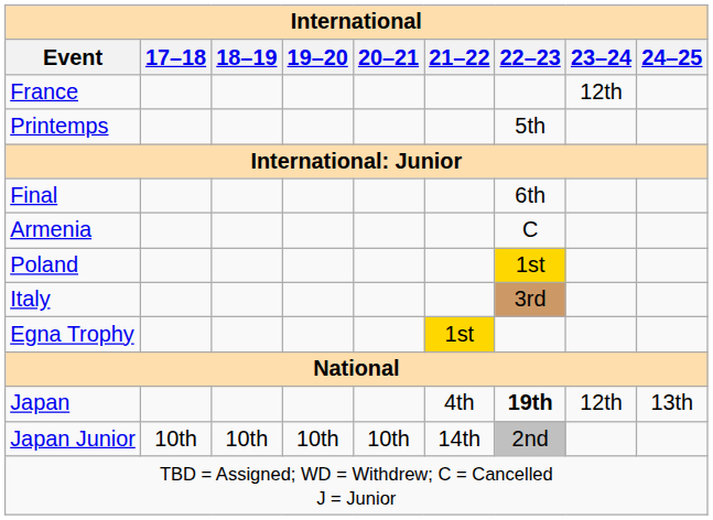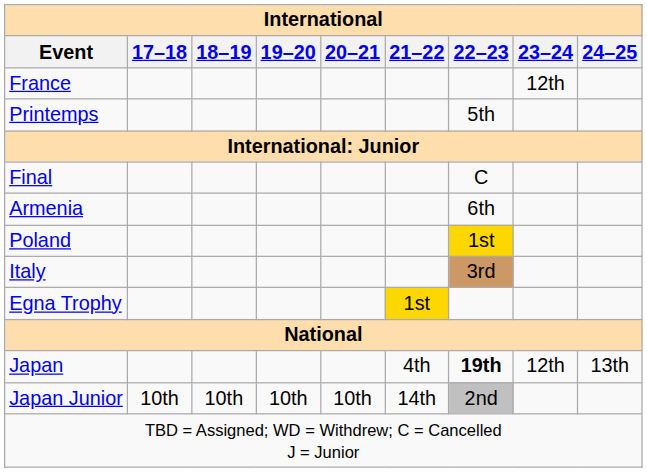 <table class="wikitable" style="text-align:center">
 <tr>
 <th colspan="11" style="background-color: #ffdead; " align="center">International</th>
 </tr>
 <tr>
 <th>Event</th>
 <th><a href='#'>17–18</a></th>
 <th><a href='#'>18–19</a></th>
 <th><a href='#'>19–20</a></th>
 <th><a href='#'>20–21</a></th>
 <th><a href='#'>21–22</a></th>
 <th><a href='#'>22–23</a></th>
 <th><a href='#'>23–24</a></th>
 <th><a href='#'>24–25</a></th>
 </tr>
 <tr>
 <td align=left> <a href='#'>France</a></td>
 <td></td>
 <td></td>
 <td></td>
 <td></td>
 <td></td>
 <td></td>
 <td>12th</td>
 <td></td>
 </tr>
 <tr>
 <td align=left><a href='#'>Printemps</a></td>
 <td></td>
 <td></td>
 <td></td>
 <td></td>
 <td></td>
 <td>5th</td>
 <td></td>
 <td></td>
 </tr>
 <tr>
 <th colspan="11" style="background-color: #ffdead; " align="center">International: Junior</th>
 </tr>
 <tr>
 <td align=left> <a href='#'>Final</a></td>
 <td></td>
 <td></td>
 <td></td>
 <td></td>
 <td></td>
-<td>6th</td>
+<td>C</td>
 <td></td>
 <td></td>
 </tr>
 <tr>
 <td align=left> <a href='#'>Armenia</a></td>
 <td></td>
 <td></td>
 <td></td>
 <td></td>
 <td></td>
-<td>C</td>
+<td>6th</td>
 <td></td>
 <td></td>
 </tr>
 <tr>
 <td align=left> <a href='#'>Poland</a></td>
 <td></td>
 <td></td>
 <td></td>
 <td></td>
 <td></td>
 <td bgcolor=gold>1st</td>
 <td></td>
 <td></td>
 </tr>
 <tr>
 <td align=left> <a href='#'>Italy</a></td>
 <td></td>
 <td></td>
 <td></td>
 <td></td>
 <td></td>
 <td bgcolor=cc9966>3rd</td>
 <td></td>
 <td></td>
 </tr>
 <tr>
 <td align=left><a href='#'>Egna Trophy</a></td>
 <td></td>
 <td></td>
 <td></td>
 <td></td>
 <td bgcolor=gold>1st</td>
 <td></td>
 <td></td>
 <td></td>
 </tr>
 <tr>
 <th colspan="11" style="background-color: #ffdead; " align="center">National</th>
 </tr>
 <tr>
 <td align=left><a href='#'>Japan</a></td>
 <td></td>
 <td></td>
 <td></td>
 <td></td>
 <td>4th</td>
 <td><strong>19th</strong></td>
 <td>12th</td>
 <td>13th</td>
 </tr>
 <tr>
 <td align=left><a href='#'>Japan Junior</a></td>
 <td>10th</td>
 <td>10th</td>
 <td>10th</td>
 <td>10th</td>
 <td>14th</td>
 <td bgcolor=silver>2nd</td>
 <td></td>
 <td></td>
 </tr>
 <tr>
 <td colspan="11" align="center"><small>TBD = Assigned; WD = Withdrew; C = Cancelled<br> J = Junior </small></td>
 </tr>
 </table>
